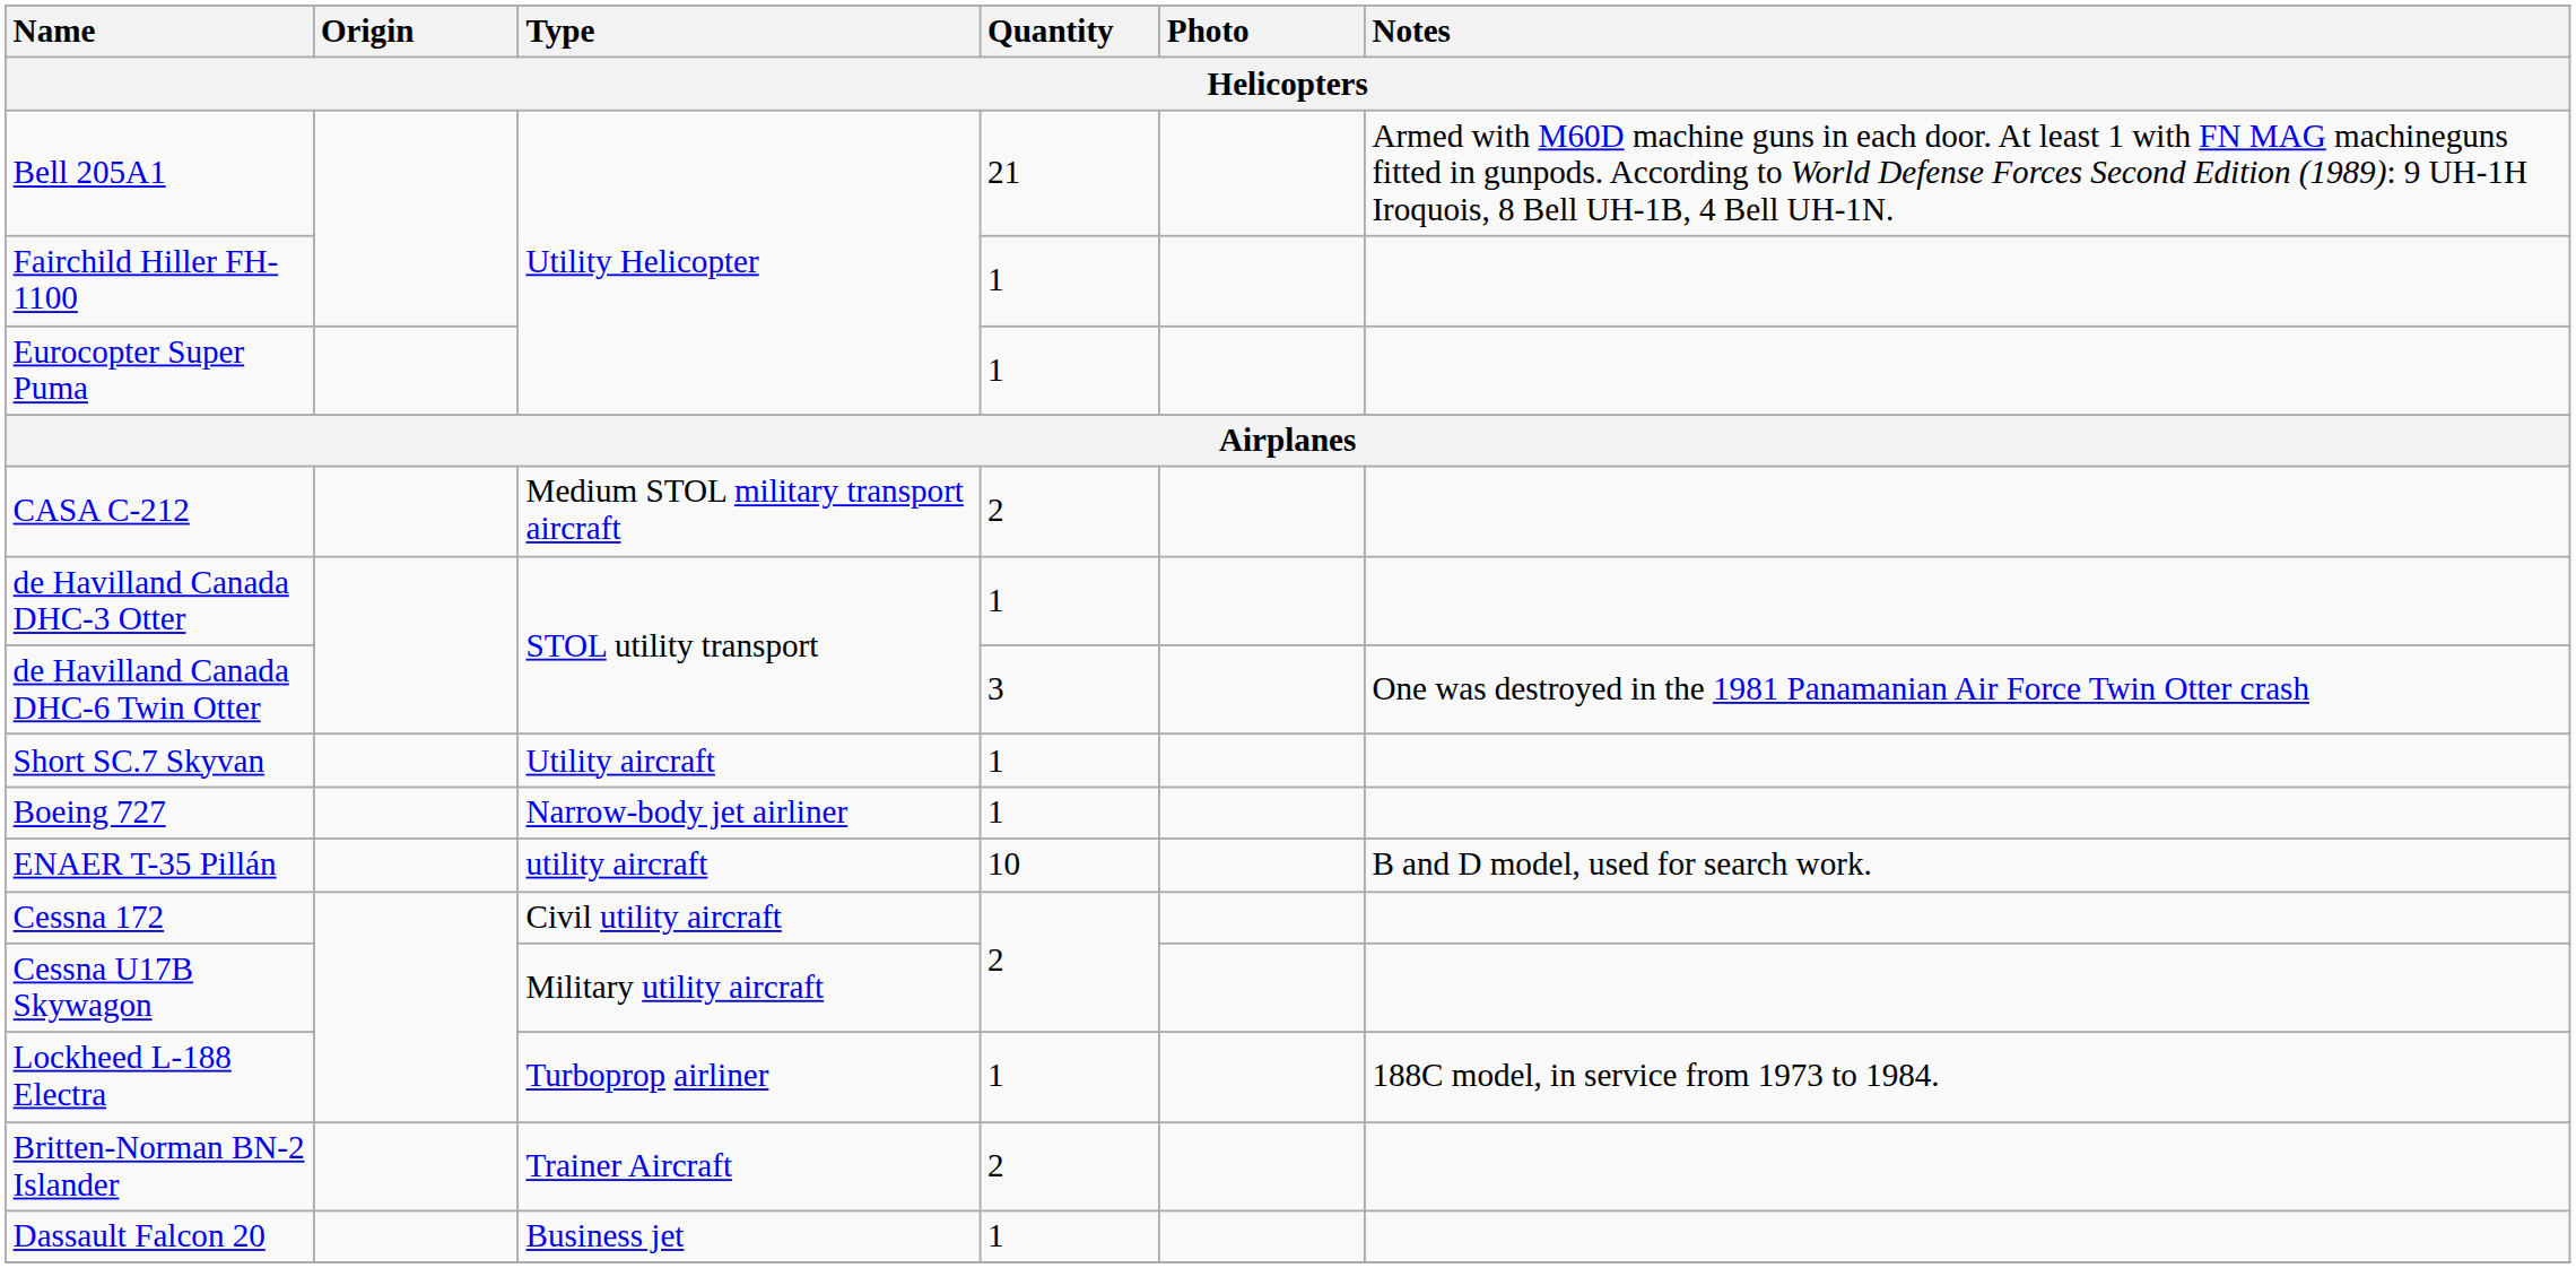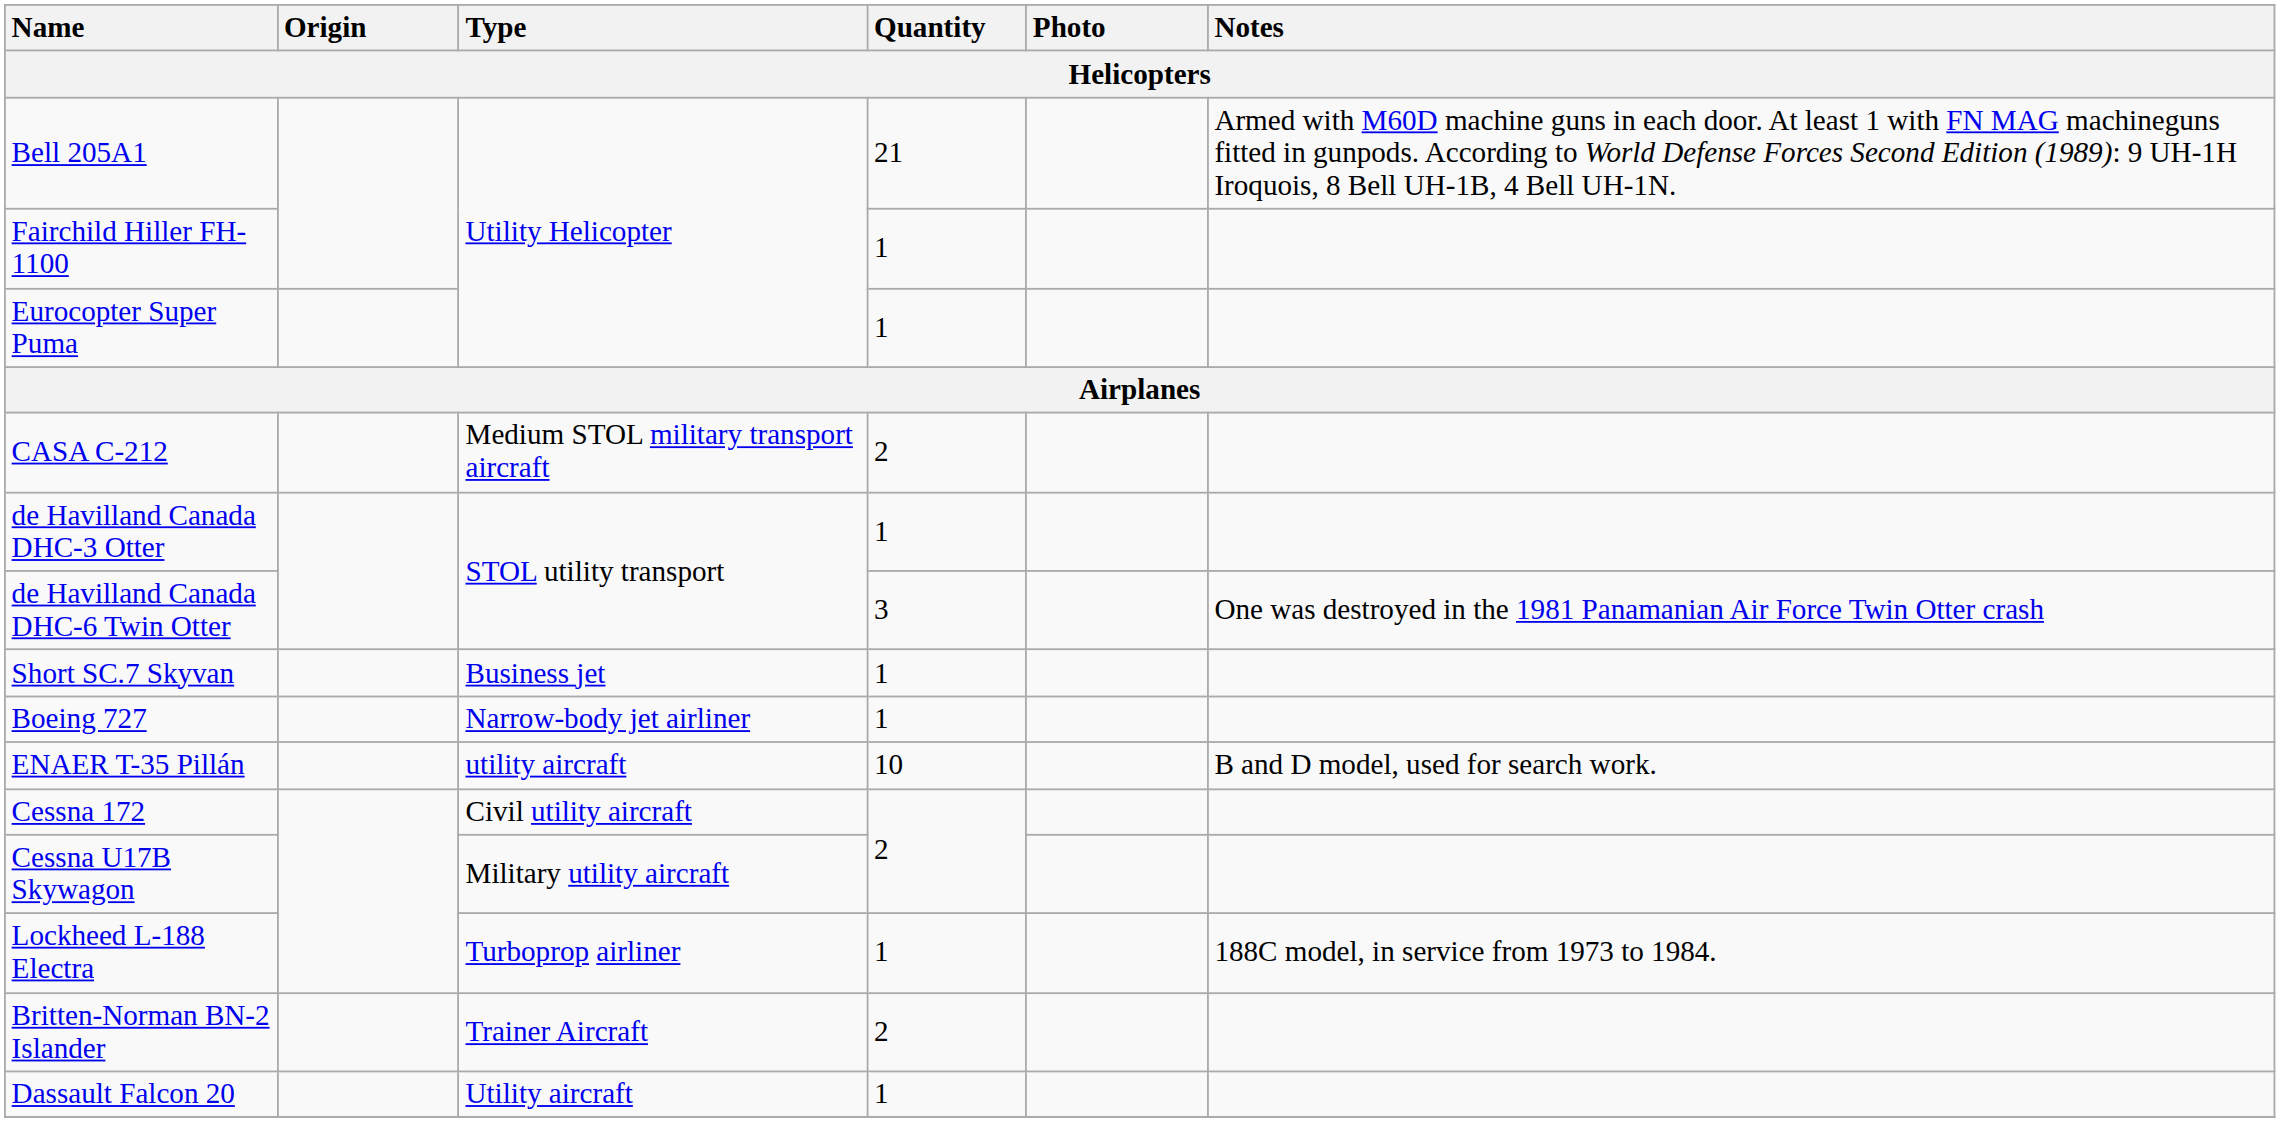 <table class="wikitable mw-collapsible">
 <tr>
 <th style="text-align: left; width:12%;">Name</th>
 <th style="text-align: left; width:8%;">Origin</th>
 <th style="text-align: left; width:18%;">Type</th>
 <th style="text-align: left; width:7%;">Quantity</th>
 <th style="text-align: left;width:8%;">Photo</th>
 <th style="text-align: left;width:47%;">Notes</th>
 </tr>
 <tr>
 <th style="align: center;" colspan="7">Helicopters</th>
 </tr>
 <tr>
 <td><a href='#'>Bell 205A1</a></td>
 <td rowspan="2"></td>
 <td rowspan="3"><a href='#'>Utility Helicopter</a></td>
 <td>21</td>
 <td></td>
 <td>Armed with <a href='#'>M60D</a> machine guns in each door. At least 1 with <a href='#'>FN MAG</a> machineguns fitted in gunpods. According to <em>World Defense Forces Second Edition (1989)</em>: 9 UH-1H Iroquois, 8 Bell UH-1B, 4 Bell UH-1N.</td>
 </tr>
 <tr>
 <td><a href='#'>Fairchild Hiller FH-1100</a></td>
 <td>1</td>
 <td></td>
 <td></td>
 </tr>
 <tr>
 <td><a href='#'>Eurocopter Super Puma</a></td>
 <td></td>
 <td>1</td>
 <td></td>
 <td></td>
 </tr>
 <tr>
 <th style="align: center;" colspan="7">Airplanes</th>
 </tr>
 <tr>
 <td><a href='#'>CASA C-212</a></td>
 <td></td>
 <td>Medium STOL <a href='#'>military transport aircraft</a></td>
 <td>2</td>
 <td></td>
 <td></td>
 </tr>
 <tr>
 <td><a href='#'>de Havilland Canada DHC-3 Otter</a></td>
 <td rowspan="2"></td>
 <td rowspan="2"><a href='#'>STOL</a> utility transport</td>
 <td>1</td>
 <td></td>
 <td></td>
 </tr>
 <tr>
 <td><a href='#'>de Havilland Canada DHC-6 Twin Otter</a></td>
 <td>3</td>
 <td></td>
 <td> One was destroyed in  the <a href='#'>1981 Panamanian Air Force Twin Otter crash</a></td>
 </tr>
 <tr>
 <td><a href='#'>Short SC.7 Skyvan</a></td>
 <td></td>
-<td><a href='#'>Utility aircraft</a></td>
+<td><a href='#'>Business jet</a></td>
 <td>1</td>
 <td></td>
 <td></td>
 </tr>
 <tr>
 <td><a href='#'>Boeing 727</a></td>
 <td></td>
 <td><a href='#'>Narrow-body jet airliner</a></td>
 <td>1</td>
 <td></td>
 <td></td>
 </tr>
 <tr>
 <td><a href='#'>ENAER T-35 Pillán</a></td>
 <td></td>
 <td><a href='#'>utility aircraft</a></td>
 <td>10</td>
 <td></td>
 <td>B and D model, used for search work.</td>
 </tr>
 <tr>
 <td><a href='#'>Cessna 172</a></td>
 <td rowspan="3"></td>
 <td>Civil <a href='#'>utility aircraft</a></td>
 <td rowspan="2">2</td>
 <td></td>
 <td></td>
 </tr>
 <tr>
 <td><a href='#'>Cessna U17B Skywagon</a></td>
 <td>Military <a href='#'>utility aircraft</a></td>
 <td></td>
 <td></td>
 </tr>
 <tr>
 <td><a href='#'>Lockheed L-188 Electra</a></td>
 <td><a href='#'>Turboprop</a> <a href='#'>airliner</a></td>
 <td>1</td>
 <td></td>
 <td>188C model, in service from 1973 to 1984.</td>
 </tr>
 <tr>
 <td><a href='#'>Britten-Norman BN-2 Islander</a></td>
 <td></td>
 <td><a href='#'>Trainer Aircraft</a></td>
 <td>2</td>
 <td></td>
 <td></td>
 </tr>
 <tr>
 <td><a href='#'>Dassault Falcon 20</a></td>
 <td></td>
-<td><a href='#'>Business jet</a></td>
+<td><a href='#'>Utility aircraft</a></td>
 <td>1</td>
 <td></td>
 <td></td>
 </tr>
 <tr>
 </tr>
 </table>
